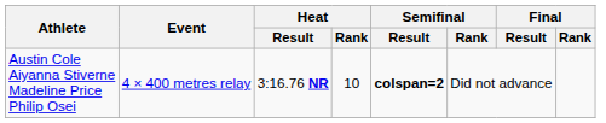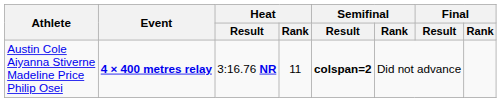 <table class=wikitable style=font-size:90%>
 <tr>
 <th rowspan=2>Athlete</th>
 <th rowspan=2>Event</th>
 <th colspan=2>Heat</th>
 <th colspan=2>Semifinal</th>
 <th colspan=2>Final</th>
 </tr>
 <tr style=font-size:95%>
 <th>Result</th>
 <th>Rank</th>
 <th>Result</th>
 <th>Rank</th>
 <th>Result</th>
 <th>Rank</th>
 </tr>
 <tr align=center>
 <td align=left><a href='#'>Austin Cole</a> <br> <a href='#'>Aiyanna Stiverne</a> <br> <a href='#'>Madeline Price</a> <br> <a href='#'>Philip Osei</a></td>
-<td align=left><a href='#'>4 × 400 metres relay</a></td>
+<td align=left><strong><a href='#'>4 × 400 metres relay</a></strong></td>
 <td>3:16.76 <strong><a href='#'>NR</a></strong></td>
-<td>10</td>
+<td>11</td>
 <td><strong>colspan=2</strong></td>
 <td colspan=2>Did not advance</td>
 </tr>
 </table>
